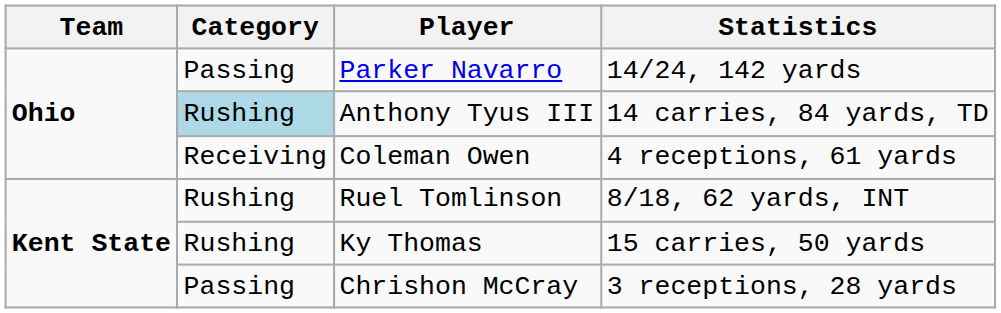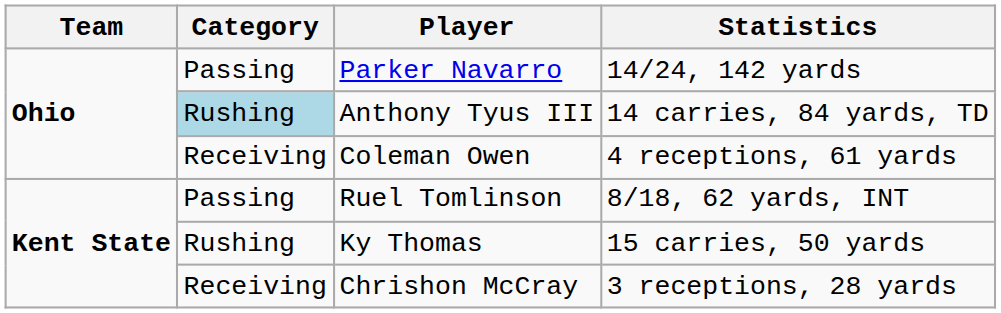 <table class="wikitable" style="float:right">
 <tr>
 <th>Team</th>
 <th>Category</th>
 <th>Player</th>
 <th>Statistics</th>
 </tr>
 <tr>
 <td rowspan=3><strong>Ohio</strong></td>
 <td>Passing</td>
 <td><a href='#'>Parker Navarro</a></td>
 <td>14/24, 142 yards</td>
 </tr>
 <tr>
 <td style="background: lightblue;">Rushing</td>
 <td>Anthony Tyus III</td>
 <td>14 carries, 84 yards, TD</td>
 </tr>
 <tr>
 <td>Receiving</td>
 <td>Coleman Owen</td>
 <td>4 receptions, 61 yards</td>
 </tr>
 <tr>
 <td rowspan=3><strong>Kent State</strong></td>
-<td>Rushing</td>
+<td>Passing</td>
 <td>Ruel Tomlinson</td>
 <td>8/18, 62 yards, INT</td>
 </tr>
 <tr>
 <td>Rushing</td>
 <td>Ky Thomas</td>
 <td>15 carries, 50 yards</td>
 </tr>
 <tr>
-<td>Passing</td>
+<td>Receiving</td>
 <td>Chrishon McCray</td>
 <td>3 receptions, 28 yards</td>
 </tr>
 </table>
